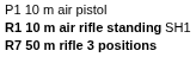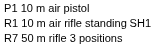 <table>
 <tr>
 <td>P1 10 m air pistol</td>
 <td rowspan=3>SH1</td>
 <td></td>
 <td></td>
 <td></td>
 </tr>
 <tr>
-<td><strong>R1 10 m air rifle standing</strong></td>
+<td>R1 10 m air rifle standing</td>
 <td></td>
 <td></td>
 <td></td>
 </tr>
 <tr>
-<td><strong>R7 50 m rifle 3 positions</strong></td>
+<td>R7 50 m rifle 3 positions</td>
 <td></td>
 <td></td>
 <td></td>
 </tr>
 </table>
